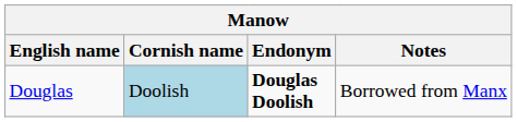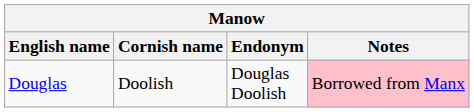 <table class="wikitable sortable">
 <tr>
 <th colspan="24"> Manow</th>
 </tr>
 <tr>
 <th>English name</th>
 <th>Cornish name</th>
 <th>Endonym</th>
 <th>Notes</th>
 </tr>
 <tr>
 <td><a href='#'>Douglas</a></td>
-<td style="background: lightblue;">Doolish</td>
-<td><strong>Douglas<br>Doolish</strong></td>
-<td>Borrowed from <a href='#'>Manx</a></td>
+<td>Doolish</td>
+<td>Douglas<br>Doolish</td>
+<td style="background: pink;">Borrowed from <a href='#'>Manx</a></td>
 </tr>
 </table>
